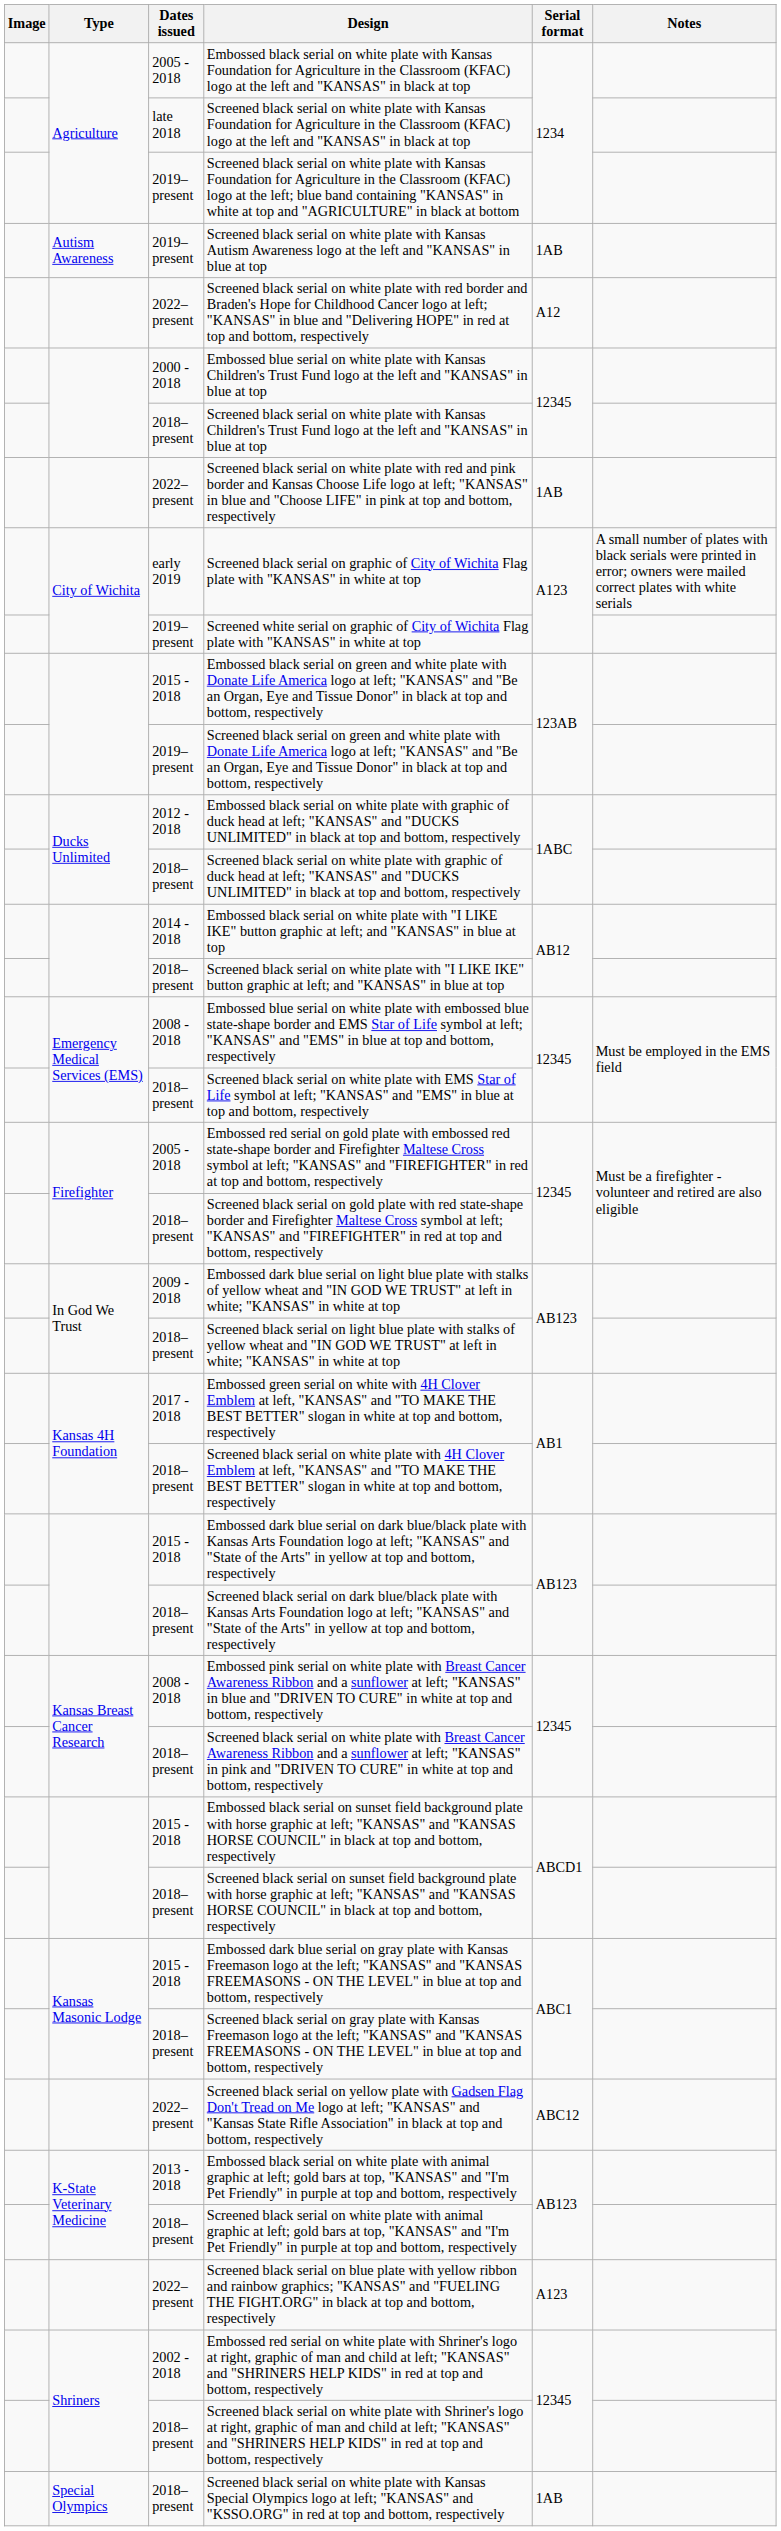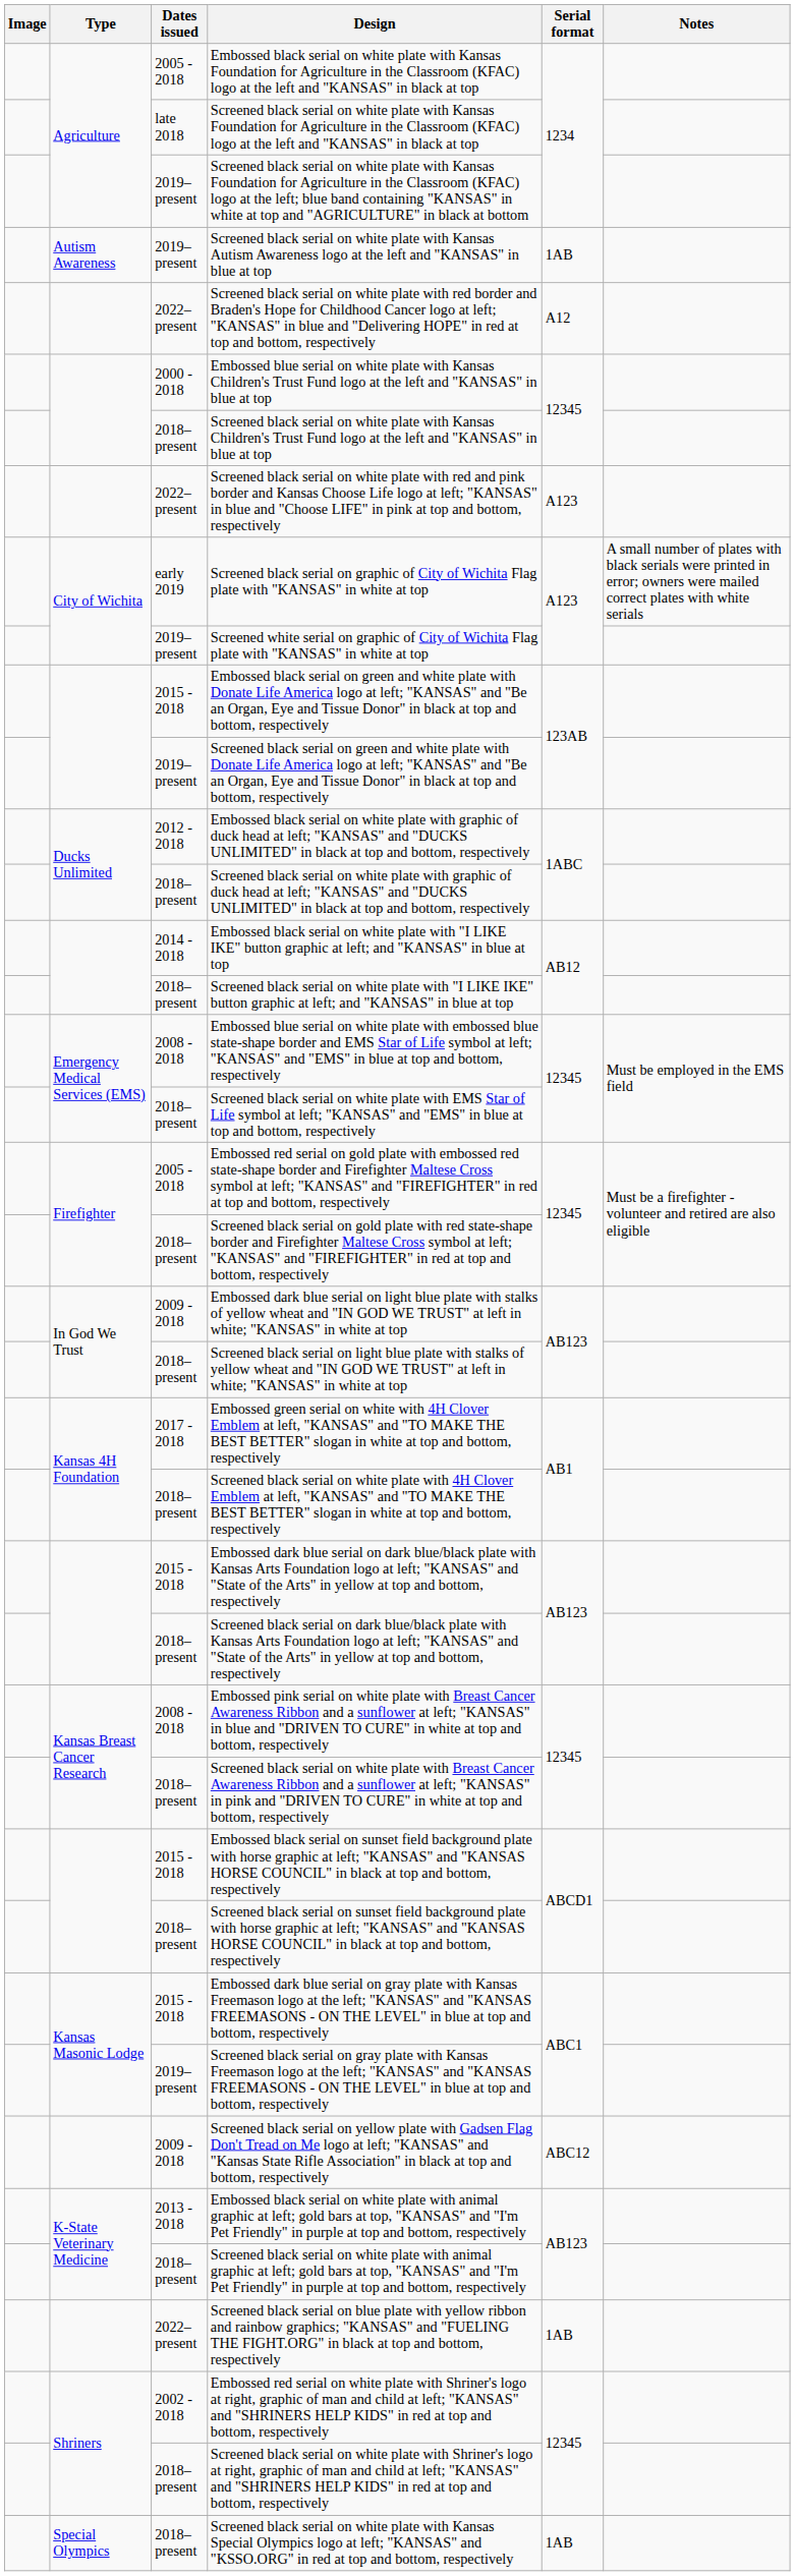 <table class="wikitable">
 <tr>
 <th>Image</th>
 <th>Type</th>
 <th>Dates issued</th>
 <th>Design</th>
 <th>Serial format</th>
 <th>Notes</th>
 </tr>
 <tr>
 <td></td>
 <td rowspan="3"><a href='#'>Agriculture</a></td>
 <td>2005 - 2018</td>
 <td>Embossed black serial on white plate with Kansas Foundation for Agriculture in the Classroom (KFAC) logo at the left and "KANSAS" in black at top</td>
 <td rowspan="3">1234</td>
 <td></td>
 </tr>
 <tr>
 <td></td>
 <td>late 2018</td>
 <td>Screened black serial on white plate with Kansas Foundation for Agriculture in the Classroom (KFAC) logo at the left and "KANSAS" in black at top</td>
 <td></td>
 </tr>
 <tr>
 <td></td>
 <td>2019–present</td>
 <td>Screened black serial on white plate with Kansas Foundation for Agriculture in the Classroom (KFAC) logo at the left; blue band containing "KANSAS" in white at top and "AGRICULTURE" in black at bottom</td>
 <td></td>
 </tr>
 <tr>
 <td></td>
 <td><a href='#'>Autism Awareness</a></td>
 <td>2019–present</td>
 <td>Screened black serial on white plate with Kansas Autism Awareness logo at the left and "KANSAS" in blue at top</td>
 <td>1AB</td>
 <td></td>
 </tr>
 <tr>
 <td></td>
 <td></td>
 <td>2022–present</td>
 <td>Screened black serial on white plate with red border and Braden's Hope for Childhood Cancer logo at left; "KANSAS" in blue and "Delivering HOPE" in red at top and bottom, respectively</td>
 <td>A12</td>
 <td></td>
 </tr>
 <tr>
 <td></td>
 <td rowspan="2"></td>
 <td>2000 - 2018</td>
 <td>Embossed blue serial on white plate with Kansas Children's Trust Fund logo at the left and "KANSAS" in blue at top</td>
 <td rowspan="2">12345</td>
 <td></td>
 </tr>
 <tr>
 <td></td>
 <td>2018–present</td>
 <td>Screened black serial on white plate with Kansas Children's Trust Fund logo at the left and "KANSAS" in blue at top</td>
 <td></td>
 </tr>
 <tr>
 <td></td>
 <td></td>
 <td>2022–present</td>
 <td>Screened black serial on white plate with red and pink border and Kansas Choose Life logo at left; "KANSAS" in blue and "Choose LIFE" in pink at top and bottom, respectively</td>
-<td>1AB</td>
+<td>A123</td>
 <td></td>
 </tr>
 <tr>
 <td></td>
 <td rowspan="2"><a href='#'>City of Wichita</a></td>
 <td>early 2019</td>
 <td>Screened black serial on graphic of <a href='#'>City of Wichita</a> Flag plate with "KANSAS" in white at top</td>
 <td rowspan="2">A123</td>
 <td>A small number of plates with black serials were printed in error; owners were mailed correct plates with white serials</td>
 </tr>
 <tr>
 <td></td>
 <td>2019–present</td>
 <td>Screened white serial on graphic of <a href='#'>City of Wichita</a> Flag plate with  "KANSAS" in white at top</td>
 <td></td>
 </tr>
 <tr>
 <td></td>
 <td rowspan="2"></td>
 <td>2015 - 2018</td>
 <td>Embossed black serial on green and white plate with <a href='#'>Donate Life America</a> logo at left; "KANSAS" and "Be an Organ, Eye and Tissue Donor" in black at  top and bottom, respectively</td>
 <td rowspan="2">123AB</td>
 <td></td>
 </tr>
 <tr>
 <td></td>
 <td>2019–present</td>
 <td>Screened black serial on green and white plate with <a href='#'>Donate Life America</a> logo at left; "KANSAS" and "Be an Organ, Eye and Tissue Donor" in black at  top and bottom, respectively</td>
 <td></td>
 </tr>
 <tr>
 <td></td>
 <td rowspan="2"><a href='#'>Ducks Unlimited</a></td>
 <td>2012 - 2018</td>
 <td>Embossed black serial on white plate with graphic of duck head at left; "KANSAS" and "DUCKS UNLIMITED" in black at top and bottom, respectively</td>
 <td rowspan="2">1ABC</td>
 <td></td>
 </tr>
 <tr>
 <td></td>
 <td>2018–present</td>
 <td>Screened black serial on white plate with graphic of duck head at left; "KANSAS" and "DUCKS UNLIMITED" in black at top and bottom, respectively</td>
 <td></td>
 </tr>
 <tr>
 <td></td>
 <td rowspan="2"></td>
 <td>2014 - 2018</td>
 <td>Embossed black serial on white plate with "I LIKE IKE" button graphic at left; and "KANSAS" in blue at top</td>
 <td rowspan="2">AB12</td>
 <td></td>
 </tr>
 <tr>
 <td></td>
 <td>2018–present</td>
 <td>Screened black serial on white plate with "I LIKE IKE" button graphic at left; and "KANSAS" in blue at top</td>
 <td></td>
 </tr>
 <tr>
 <td></td>
 <td rowspan="2"><a href='#'>Emergency Medical Services (EMS)</a></td>
 <td>2008 - 2018</td>
 <td>Embossed blue serial on white plate with embossed blue state-shape border and EMS <a href='#'>Star of Life</a> symbol at left; "KANSAS" and "EMS" in blue at top and bottom, respectively</td>
 <td rowspan="2">12345</td>
 <td rowspan="2">Must be employed in the EMS field</td>
 </tr>
 <tr>
 <td></td>
 <td>2018–present</td>
 <td>Screened black serial on white plate with EMS <a href='#'>Star of Life</a> symbol at left; "KANSAS" and "EMS" in blue at top and bottom, respectively</td>
 </tr>
 <tr>
 <td></td>
 <td rowspan="2"><a href='#'>Firefighter</a></td>
 <td>2005 -  2018</td>
 <td>Embossed red serial on gold plate with embossed red state-shape border and Firefighter <a href='#'>Maltese Cross</a> symbol at left; "KANSAS" and "FIREFIGHTER" in red at top and bottom, respectively</td>
 <td rowspan="2">12345</td>
 <td rowspan="2">Must be a firefighter - volunteer and retired are also eligible</td>
 </tr>
 <tr>
 <td></td>
 <td>2018–present</td>
 <td>Screened black serial on gold plate with red state-shape border and Firefighter <a href='#'>Maltese Cross</a> symbol at left; "KANSAS" and "FIREFIGHTER" in red at top and bottom, respectively</td>
 </tr>
 <tr>
 <td></td>
 <td rowspan="2">In God We Trust</td>
 <td>2009 - 2018</td>
 <td>Embossed dark blue serial on light blue plate with stalks of yellow wheat and "IN GOD WE TRUST" at left in white; "KANSAS" in white at top</td>
 <td rowspan="2">AB123</td>
 <td></td>
 </tr>
 <tr>
 <td></td>
 <td>2018–present</td>
 <td>Screened black serial on light blue plate with stalks of yellow wheat and "IN GOD WE TRUST" at left in white; "KANSAS" in white at top</td>
 <td></td>
 </tr>
 <tr>
 <td></td>
 <td rowspan="2"><a href='#'>Kansas 4H Foundation</a></td>
 <td>2017 - 2018</td>
 <td>Embossed green serial on white with <a href='#'>4H Clover Emblem</a> at left, "KANSAS" and "TO MAKE THE BEST BETTER" slogan in white at top and bottom, respectively</td>
 <td rowspan="2">AB1</td>
 <td></td>
 </tr>
 <tr>
 <td></td>
 <td>2018–present</td>
 <td>Screened black serial on white plate with <a href='#'>4H Clover Emblem</a> at left, "KANSAS" and "TO MAKE THE BEST BETTER" slogan in white at top and bottom, respectively</td>
 <td></td>
 </tr>
 <tr>
 <td></td>
 <td rowspan="2"></td>
 <td>2015 - 2018</td>
 <td>Embossed dark blue serial on dark blue/black plate with Kansas Arts Foundation logo at left; "KANSAS" and "State of the Arts" in yellow at top and bottom, respectively</td>
 <td rowspan="2">AB123</td>
 <td></td>
 </tr>
 <tr>
 <td></td>
 <td>2018–present</td>
 <td>Screened black serial on dark blue/black plate with Kansas Arts Foundation logo at left; "KANSAS" and "State of the Arts" in yellow at top and bottom, respectively</td>
 <td></td>
 </tr>
 <tr>
 <td></td>
 <td rowspan="2"><a href='#'>Kansas Breast Cancer Research</a></td>
 <td>2008 - 2018</td>
 <td>Embossed pink serial on white plate with <a href='#'>Breast Cancer Awareness Ribbon</a> and a <a href='#'>sunflower</a> at left; "KANSAS" in blue and "DRIVEN TO CURE" in white at top and bottom, respectively</td>
 <td rowspan="2">12345</td>
 <td></td>
 </tr>
 <tr>
 <td></td>
 <td>2018–present</td>
 <td>Screened black serial on white plate with <a href='#'>Breast Cancer Awareness Ribbon</a> and a <a href='#'>sunflower</a> at left; "KANSAS" in pink and "DRIVEN TO CURE" in white at top and bottom, respectively</td>
 <td></td>
 </tr>
 <tr>
 <td></td>
 <td rowspan="2"></td>
 <td>2015 - 2018</td>
 <td>Embossed black serial on sunset field background plate with horse graphic at left; "KANSAS" and "KANSAS HORSE COUNCIL" in black at top and bottom, respectively</td>
 <td rowspan="2">ABCD1</td>
 <td></td>
 </tr>
 <tr>
 <td></td>
 <td>2018–present</td>
 <td>Screened black serial on sunset field background plate with horse graphic at left; "KANSAS" and "KANSAS HORSE COUNCIL" in black at top and bottom, respectively</td>
 <td></td>
 </tr>
 <tr>
 <td></td>
 <td rowspan="2"><a href='#'>Kansas Masonic Lodge</a></td>
 <td>2015 - 2018</td>
 <td>Embossed dark blue serial on gray plate with Kansas Freemason logo at the left; "KANSAS" and "KANSAS FREEMASONS - ON THE LEVEL" in blue at top and bottom, respectively</td>
 <td rowspan="2">ABC1</td>
 <td></td>
 </tr>
 <tr>
 <td></td>
-<td>2018–present</td>
+<td>2019–present</td>
 <td>Screened black serial on gray plate with Kansas Freemason logo at the left; "KANSAS" and "KANSAS FREEMASONS - ON THE LEVEL" in blue at top and bottom, respectively</td>
 <td></td>
 </tr>
 <tr>
 <td></td>
 <td></td>
-<td>2022–present</td>
+<td>2009 - 2018</td>
 <td>Screened black serial on yellow plate with <a href='#'>Gadsen Flag Don't Tread on Me</a> logo at left; "KANSAS" and "Kansas State Rifle Association" in black at top and bottom, respectively</td>
 <td>ABC12</td>
 <td></td>
 </tr>
 <tr>
 <td></td>
 <td rowspan="2"><a href='#'>K-State Veterinary Medicine</a></td>
 <td>2013 - 2018</td>
 <td>Embossed black serial on white plate with animal graphic at left; gold bars at top, "KANSAS" and "I'm Pet Friendly" in purple at top and bottom, respectively</td>
 <td rowspan="2">AB123</td>
 <td></td>
 </tr>
 <tr>
 <td></td>
 <td>2018–present</td>
 <td>Screened black serial on white plate with animal graphic at left; gold bars at top, "KANSAS" and "I'm Pet Friendly" in purple at top and bottom, respectively</td>
 <td></td>
 </tr>
 <tr>
 <td></td>
 <td></td>
 <td>2022–present</td>
 <td>Screened black serial on blue plate with yellow ribbon and rainbow graphics; "KANSAS" and "FUELING THE FIGHT.ORG" in black at top and bottom, respectively</td>
-<td>A123</td>
+<td>1AB</td>
 <td></td>
 </tr>
 <tr>
 <td></td>
 <td rowspan="2"><a href='#'>Shriners</a></td>
 <td>2002 - 2018</td>
 <td>Embossed red serial on white plate with Shriner's logo at right, graphic of man and child at left; "KANSAS" and "SHRINERS HELP KIDS" in red at top and bottom, respectively</td>
 <td rowspan="2">12345</td>
 <td></td>
 </tr>
 <tr>
 <td></td>
 <td>2018–present</td>
 <td>Screened black serial on white plate with Shriner's logo at right, graphic of man and child at left; "KANSAS" and "SHRINERS HELP KIDS" in red at top and bottom, respectively</td>
 <td></td>
 </tr>
 <tr>
 <td></td>
 <td><a href='#'>Special Olympics</a></td>
 <td>2018–present</td>
 <td>Screened black serial on white plate with Kansas Special Olympics logo at left; "KANSAS" and "KSSO.ORG" in red at top and bottom, respectively</td>
 <td>1AB</td>
 <td></td>
 </tr>
 </table>
